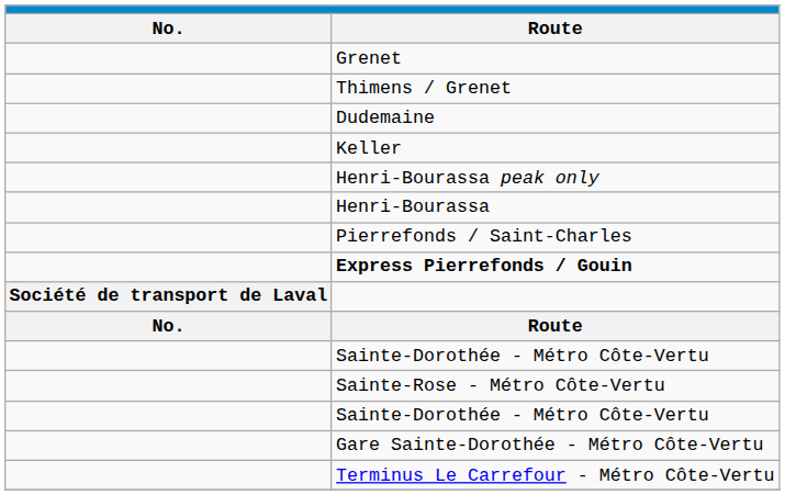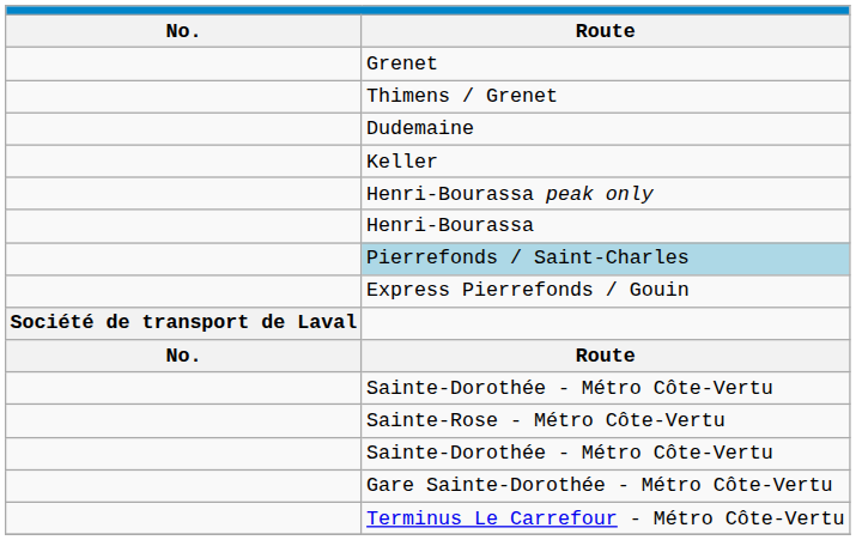 <table align=center class="wikitable">
 <tr>
 <th style="background: #0085CA; font-size:100%; color:#FFFFFF;"colspan="4"><a href='#'></a></th>
 </tr>
 <tr>
 <th>No.</th>
 <th>Route</th>
 </tr>
 <tr>
 <td {{Avoid wrap> </td>
 <td>Grenet</td>
 </tr>
 <tr>
 <td></td>
 <td>Thimens / Grenet</td>
 </tr>
 <tr>
 <td></td>
 <td>Dudemaine</td>
 </tr>
 <tr>
 <td></td>
 <td>Keller</td>
 </tr>
 <tr>
 <td {{Avoid wrap> </td>
 <td>Henri-Bourassa <em>peak only</em></td>
 </tr>
 <tr>
 <td></td>
 <td>Henri-Bourassa</td>
 </tr>
 <tr>
 <td {{Avoid wrap> </td>
-<td>Pierrefonds / Saint-Charles</td>
+<td style="background: lightblue;">Pierrefonds / Saint-Charles</td>
 </tr>
 <tr>
 <td></td>
-<td><strong>Express Pierrefonds / Gouin</strong></td>
+<td>Express Pierrefonds / Gouin</td>
 </tr>
 <tr>
 <th style="background: #">Société de transport de Laval</th>
 </tr>
 <tr>
 <th>No.</th>
 <th>Route</th>
 </tr>
 <tr>
 <td></td>
 <td>Sainte-Dorothée - Métro Côte-Vertu</td>
 </tr>
 <tr>
 <td></td>
 <td>Sainte-Rose - Métro Côte-Vertu</td>
 </tr>
 <tr>
 <td></td>
 <td>Sainte-Dorothée - Métro Côte-Vertu</td>
 </tr>
 <tr>
 <td></td>
 <td>Gare Sainte-Dorothée - Métro Côte-Vertu</td>
 </tr>
 <tr>
 <td></td>
 <td><a href='#'>Terminus Le Carrefour</a> - Métro Côte-Vertu</td>
 </tr>
 <tr>
 </tr>
 </table>
